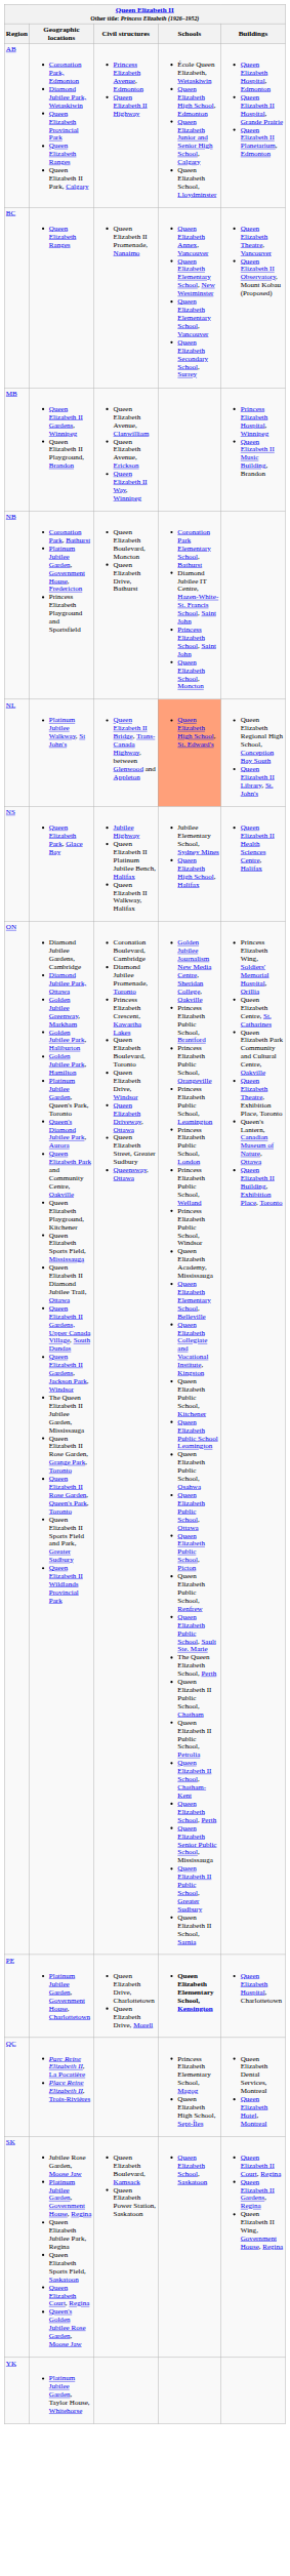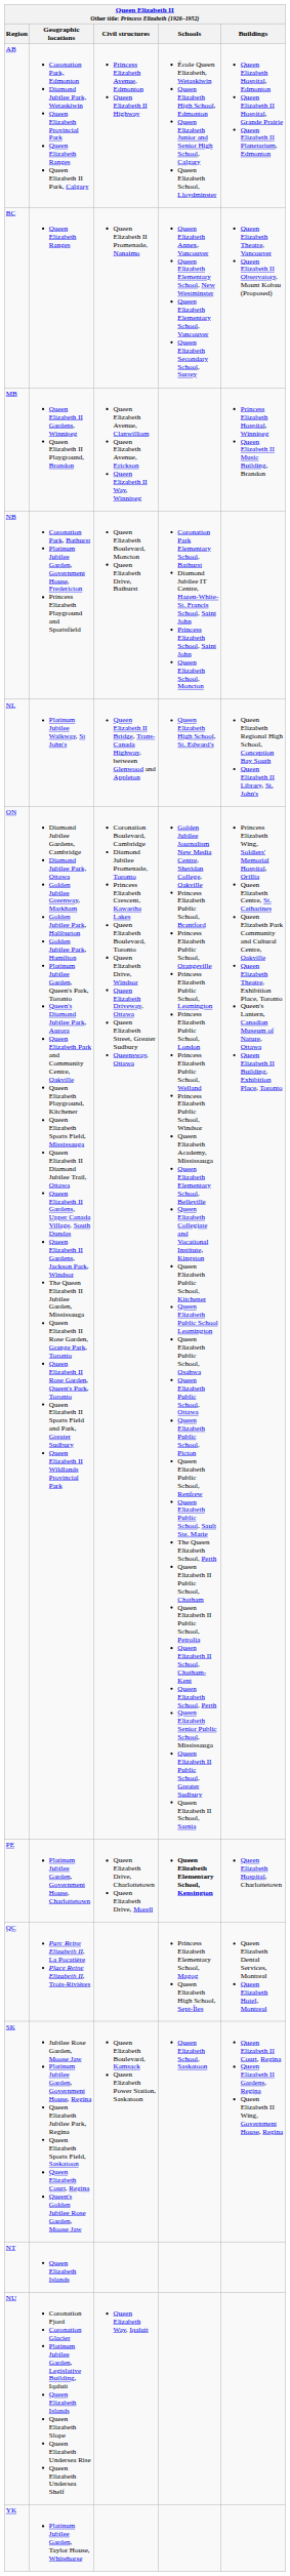 <table class="wikitable" width="100%">
 <tr>
 <th colspan="5"> <a href='#'>Queen Elizabeth II</a><br><small>Other title: <em>Princess Elizabeth (1926–1952)</em></small></th>
 </tr>
 <tr>
 <th width="5%">Region</th>
 <th width="23.75%">Geographic locations</th>
 <th width="23.75%">Civil structures</th>
 <th width="23.75%">Schools</th>
 <th width="23.75%">Buildings</th>
 </tr>
 <tr>
 <td align=left valign=top> <a href='#'>AB</a></td>
 <td align=left valign=top><br><ul><li><a href='#'>Coronation Park, Edmonton</a></li><li><a href='#'>Diamond Jubilee Park, Wetaskiwin</a></li><li><a href='#'>Queen Elizabeth Provincial Park</a></li><li><a href='#'>Queen Elizabeth Ranges</a></li><li>Queen Elizabeth II Park, <a href='#'>Calgary</a></li></ul></td>
 <td align=left valign=top><br><ul><li><a href='#'>Princess Elizabeth Avenue</a>, <a href='#'>Edmonton</a></li><li><a href='#'>Queen Elizabeth II Highway</a></li></ul></td>
 <td align=left valign=top><br><ul><li>École Queen Elizabeth, <a href='#'>Wetaskiwin</a></li><li><a href='#'>Queen Elizabeth High School</a>, <a href='#'>Edmonton</a></li><li><a href='#'>Queen Elizabeth Junior and Senior High School</a>, <a href='#'>Calgary</a></li><li>Queen Elizabeth School, <a href='#'>Lloydminster</a></li></ul></td>
 <td align=left valign=top><br><ul><li><a href='#'>Queen Elizabeth Hospital</a>, <a href='#'>Edmonton</a></li><li><a href='#'>Queen Elizabeth II Hospital</a>, <a href='#'>Grande Prairie</a></li><li><a href='#'>Queen Elizabeth II Planetarium</a>, <a href='#'>Edmonton</a></li></ul></td>
 </tr>
 <tr>
 <td align=left valign=top> <a href='#'>BC</a></td>
 <td align=left valign=top><br><ul><li><a href='#'>Queen Elizabeth Ranges</a></li></ul></td>
 <td align=left valign=top><br><ul><li>Queen Elizabeth II Promenade, <a href='#'>Nanaimo</a></li></ul></td>
 <td align=left valign=top><br><ul><li><a href='#'>Queen Elizabeth Annex</a>, <a href='#'>Vancouver</a></li><li><a href='#'>Queen Elizabeth Elementary School</a>, <a href='#'>New Westminster</a></li><li><a href='#'>Queen Elizabeth Elementary School</a>, <a href='#'>Vancouver</a></li><li><a href='#'>Queen Elizabeth Secondary School</a>, <a href='#'>Surrey</a></li></ul></td>
 <td align=left valign=top><br><ul><li><a href='#'>Queen Elizabeth Theatre</a>, <a href='#'>Vancouver</a></li><li><a href='#'>Queen Elizabeth II Observatory</a>, Mount Kobau (Proposed)</li></ul></td>
 </tr>
 <tr>
 <td align=left valign=top> <a href='#'>MB</a></td>
 <td align=left valign=top><br><ul><li><a href='#'>Queen Elizabeth II Gardens</a>, <a href='#'>Winnipeg</a></li><li>Queen Elizabeth II Playground, <a href='#'>Brandon</a></li></ul></td>
 <td align=left valign=top><br><ul><li>Queen Elizabeth Avenue, <a href='#'>Clanwilliam</a></li><li>Queen Elizabeth Avenue, <a href='#'>Erickson</a></li><li><a href='#'>Queen Elizabeth II Way</a>, <a href='#'>Winnipeg</a></li></ul></td>
 <td></td>
 <td align=left valign=top><br><ul><li><a href='#'>Princess Elizabeth Hospital</a>, <a href='#'>Winnipeg</a></li><li><a href='#'>Queen Elizabeth II Music Building</a>, Brandon</li></ul></td>
 </tr>
 <tr>
 <td align=left valign=top> <a href='#'>NB</a></td>
 <td align=left valign=top><br><ul><li><a href='#'>Coronation Park</a>, <a href='#'>Bathurst</a></li><li><a href='#'>Platinum Jubilee Garden</a>, <a href='#'>Government House</a>, <a href='#'>Fredericton</a></li><li>Princess Elizabeth Playground and Sportsfield</li></ul></td>
 <td align=left valign=top><br><ul><li>Queen Elizabeth Boulevard, Moncton</li><li>Queen Elizabeth Drive, Bathurst</li></ul></td>
 <td align=left valign=top><br><ul><li><a href='#'>Coronation Park Elementary School</a>, <a href='#'>Bathurst</a></li><li>Diamond Jubilee IT Centre, <a href='#'>Hazen-White-St. Francis School</a>, <a href='#'>Saint John</a></li><li><a href='#'>Princess Elizabeth School</a>, <a href='#'>Saint John</a></li><li><a href='#'>Queen Elizabeth School</a>, <a href='#'>Moncton</a></li></ul></td>
 <td></td>
 </tr>
 <tr>
 <td align=left valign=top> <a href='#'>NL</a></td>
 <td align=left valign=top><br><ul><li><a href='#'>Platinum Jubilee Walkway</a>, <a href='#'>St John's</a></li></ul></td>
 <td align=left valign=top><br><ul><li><a href='#'>Queen Elizabeth II Bridge</a>, <a href='#'>Trans-Canada Highway</a>, between <a href='#'>Glenwood</a> and <a href='#'>Appleton</a></li></ul></td>
-<td align=left valign=top style="background: lightsalmon;"><br><ul><li><a href='#'>Queen Elizabeth High School</a>, <a href='#'>St. Edward's</a></li></ul></td>
+<td align=left valign=top><br><ul><li><a href='#'>Queen Elizabeth High School</a>, <a href='#'>St. Edward's</a></li></ul></td>
 <td align=left valign=top><br><ul><li>Queen Elizabeth Regional High School, <a href='#'>Conception Bay South</a></li><li><a href='#'>Queen Elizabeth II Library</a>, <a href='#'>St. John's</a></li></ul></td>
-</tr>
-<tr>
-<td align=left valign=top> <a href='#'>NS</a></td>
-<td align=left valign=top><br><ul><li><a href='#'>Queen Elizabeth Park</a>, <a href='#'>Glace Bay</a></li></ul></td>
-<td align=left valign=top><br><ul><li><a href='#'>Jubilee Highway</a></li><li>Queen Elizabeth II Platinum Jubilee Bench, <a href='#'>Halifax</a></li><li>Queen Elizabeth II Walkway, Halifax</li></ul></td>
-<td align=left valign=top><br><ul><li>Jubilee Elementary School, <a href='#'>Sydney Mines</a></li><li><a href='#'>Queen Elizabeth High School</a>, <a href='#'>Halifax</a></li></ul></td>
-<td align=left valign=top><br><ul><li><a href='#'>Queen Elizabeth II Health Sciences Centre</a>, <a href='#'>Halifax</a></li></ul></td>
 </tr>
 <tr>
 <td align=left valign=top> <a href='#'>ON</a></td>
 <td align=left valign=top><br><ul><li>Diamond Jubilee Gardens, Cambridge</li><li><a href='#'>Diamond Jubilee Park, Ottawa</a></li><li><a href='#'>Golden Jubilee Greenway</a>, <a href='#'>Markham</a></li><li><a href='#'>Golden Jubilee Park</a>, <a href='#'>Haliburton</a></li><li><a href='#'>Golden Jubilee Park</a>, <a href='#'>Hamilton</a></li><li><a href='#'>Platinum Jubilee Garden</a>, Queen's Park, Toronto</li><li><a href='#'>Queen's Diamond Jubilee Park</a>, <a href='#'>Aurora</a></li><li><a href='#'>Queen Elizabeth Park</a> and Community Centre, <a href='#'>Oakville</a></li><li>Queen Elizabeth Playground, Kitchener</li><li>Queen Elizabeth Sports Field, <a href='#'>Mississauga</a></li><li>Queen Elizabeth II Diamond Jubilee Trail, <a href='#'>Ottawa</a></li><li><a href='#'>Queen Elizabeth II Gardens, Upper Canada Village</a>, <a href='#'>South Dundas</a></li><li><a href='#'>Queen Elizabeth II Gardens</a>, <a href='#'>Jackson Park</a>, <a href='#'>Windsor</a></li><li>The Queen Elizabeth II Jubilee Garden, Mississauga</li><li>Queen Elizabeth II Rose Garden, <a href='#'>Grange Park</a>, <a href='#'>Toronto</a></li><li><a href='#'>Queen Elizabeth II Rose Garden</a>, <a href='#'>Queen's Park</a>, <a href='#'>Toronto</a></li><li>Queen Elizabeth II Sports Field and Park, <a href='#'>Greater Sudbury</a></li><li><a href='#'>Queen Elizabeth II Wildlands Provincial Park</a></li></ul></td>
 <td align=left valign=top><br><ul><li>Coronation Boulevard, Cambridge</li><li>Diamond Jubilee Promenade, <a href='#'>Toronto</a></li><li>Princess Elizabeth Crescent, <a href='#'>Kawartha Lakes</a></li><li>Queen Elizabeth Boulevard, Toronto</li><li>Queen Elizabeth Drive, <a href='#'>Windsor</a></li><li><a href='#'>Queen Elizabeth Driveway</a>, <a href='#'>Ottawa</a></li><li>Queen Elizabeth Street, Greater Sudbury</li><li><a href='#'>Queensway</a>, <a href='#'>Ottawa</a></li></ul></td>
 <td align=left valign=top><br><ul><li><a href='#'>Golden Jubilee Journalism New Media Centre</a>, <a href='#'>Sheridan College</a>, <a href='#'>Oakville</a></li><li>Princess Elizabeth Public School, <a href='#'>Brantford</a></li><li>Princess Elizabeth Public School, <a href='#'>Orangeville</a></li><li>Princess Elizabeth Public School, <a href='#'>Leamington</a></li><li>Princess Elizabeth Public School, <a href='#'>London</a></li><li>Princess Elizabeth Public School, <a href='#'>Welland</a></li><li>Princess Elizabeth Public School, Windsor</li><li>Queen Elizabeth Academy, Mississauga</li><li><a href='#'>Queen Elizabeth Elementary School</a>, <a href='#'>Belleville</a></li><li><a href='#'>Queen Elizabeth Collegiate and Vocational Institute</a>, <a href='#'>Kingston</a></li><li>Queen Elizabeth Public School, <a href='#'>Kitchener</a></li><li><a href='#'>Queen Elizabeth Public School</a> <a href='#'>Leamington</a></li><li>Queen Elizabeth Public School, <a href='#'>Osahwa</a></li><li><a href='#'>Queen Elizabeth Public School</a>, <a href='#'>Ottawa</a></li><li><a href='#'>Queen Elizabeth Public School</a>, <a href='#'>Picton</a></li><li>Queen Elizabeth Public School, <a href='#'>Renfrew</a></li><li><a href='#'>Queen Elizabeth Public School</a>, <a href='#'>Sault Ste. Marie</a></li><li>The Queen Elizabeth School, <a href='#'>Perth</a></li><li>Queen Elizabeth II Public School, <a href='#'>Chatham</a></li><li>Queen Elizabeth II Public School, <a href='#'>Petrolia</a></li><li><a href='#'>Queen Elizabeth II School</a>, <a href='#'>Chatham-Kent</a></li><li><a href='#'>Queen Elizabeth School</a>, <a href='#'>Perth</a></li><li><a href='#'>Queen Elizabeth Senior Public School</a>, Mississauga</li><li><a href='#'>Queen Elizabeth II Public School</a>, <a href='#'>Greater Sudbury</a></li><li>Queen Elizabeth II School, <a href='#'>Sarnia</a></li></ul></td>
 <td align=left valign=top><br><ul><li>Princess Elizabeth Wing, <a href='#'>Soldiers' Memorial Hospital</a>, <a href='#'>Orillia</a></li><li>Queen Elizabeth Centre, <a href='#'>St. Catharines</a></li><li>Queen Elizabeth Park Community and Cultural Centre, <a href='#'>Oakville</a></li><li><a href='#'>Queen Elizabeth Theatre</a>, Exhibition Place, Toronto</li><li>Queen's Lantern, <a href='#'>Canadian Museum of Nature</a>, <a href='#'>Ottawa</a></li><li><a href='#'>Queen Elizabeth II Building</a>, <a href='#'>Exhibition Place</a>, <a href='#'>Toronto</a></li></ul></td>
 </tr>
 <tr>
 <td align=left valign=top> <a href='#'>PE</a></td>
 <td align=left valign=top><br><ul><li><a href='#'>Platinum Jubilee Garden</a>, <a href='#'>Government House</a>, <a href='#'>Charlottetown</a></li></ul></td>
 <td align=left valign=top><br><ul><li>Queen Elizabeth Drive, Charlottetown</li><li>Queen Elizabeth Drive, <a href='#'>Morell</a></li></ul></td>
 <td align=left valign=top><strong><br><ul><li>Queen Elizabeth Elementary School, <a href='#'>Kensington</a></li></ul></strong></td>
 <td align=left valign=top><br><ul><li><a href='#'>Queen Elizabeth Hospital</a>, Charlottetown</li></ul></td>
 </tr>
 <tr>
 <td align=left valign=top> <a href='#'>QC</a></td>
 <td align=left valign=top><br><ul><li><em><a href='#'>Parc Reine Elizabeth II</a></em>, <a href='#'>La Pocatière</a></li><li><em><a href='#'>Place Reine Elizabeth II</a></em>, <a href='#'>Trois-Rivières</a></li></ul></td>
 <td></td>
 <td align=left valign=top><br><ul><li>Princess Elizabeth Elementary School, <a href='#'>Magog</a></li><li>Queen Elizabeth High School, <a href='#'>Sept-Îles</a></li></ul></td>
 <td align=left valign=top><br><ul><li>Queen Elizabeth Dental Services, Montreal</li><li><a href='#'>Queen Elizabeth Hotel</a>, <a href='#'>Montreal</a></li></ul></td>
 </tr>
 <tr>
 <td align=left valign=top> <a href='#'>SK</a></td>
 <td align=left valign=top><br><ul><li>Jubilee Rose Garden, <a href='#'>Moose Jaw</a></li><li><a href='#'>Platinum Jubilee Garden</a>, <a href='#'>Government House</a>, <a href='#'>Regina</a></li><li>Queen Elizabeth Jubilee Park, Regina</li><li>Queen Elizabeth Sports Field, <a href='#'>Saskatoon</a></li><li><a href='#'>Queen Elizabeth Court</a>, <a href='#'>Regina</a></li><li><a href='#'>Queen's Golden Jubilee Rose Garden</a>, <a href='#'>Moose Jaw</a></li></ul></td>
 <td align=left valign=top><br><ul><li>Queen Elizabeth Boulevard, <a href='#'>Kamsack</a></li><li>Queen Elizabeth Power Station, Saskatoon</li></ul></td>
 <td align=left valign=top><br><ul><li><a href='#'>Queen Elizabeth School</a>, <a href='#'>Saskatoon</a></li></ul></td>
 <td align=left valign=top><br><ul><li><a href='#'>Queen Elizabeth II Court</a>, <a href='#'>Regina</a></li><li><a href='#'>Queen Elizabeth II Gardens</a>, <a href='#'>Regina</a></li><li>Queen Elizabeth II Wing, <a href='#'>Government House</a>, <a href='#'>Regina</a></li></ul></td>
 </tr>
 <tr>
+<td align=left valign=top> <a href='#'>NT</a></td>
+<td align=left valign=top><br><ul><li><a href='#'>Queen Elizabeth Islands</a></li></ul></td>
+<td></td>
+<td></td>
+<td></td>
+</tr>
+<tr>
+<td align=left valign=top> <a href='#'>NU</a></td>
+<td align=left valign=top><br><ul><li>Coronation Fjord</li><li><a href='#'>Coronation Glacier</a></li><li><a href='#'>Platinum Jubilee Garden</a>, <a href='#'>Legislative Building</a>, Iqaluit</li><li><a href='#'>Queen Elizabeth Islands</a></li><li>Queen Elizabeth Slope</li><li>Queen Elizabeth Undersea Rise</li><li>Queen Elizabeth Undersea Shelf</li></ul></td>
+<td align=left valign=top><br><ul><li><a href='#'>Queen Elizabeth Way</a>, <a href='#'>Iqaluit</a></li></ul></td>
+<td></td>
+<td></td>
+</tr>
+<tr>
 <td align=left valign=top> <a href='#'>YK</a></td>
 <td align=left valign=top><br><ul><li><a href='#'>Platinum Jubilee Garden</a>, Taylor House, <a href='#'>Whitehorse</a></li></ul></td>
 <td></td>
 <td></td>
 <td></td>
 </tr>
 </table>
